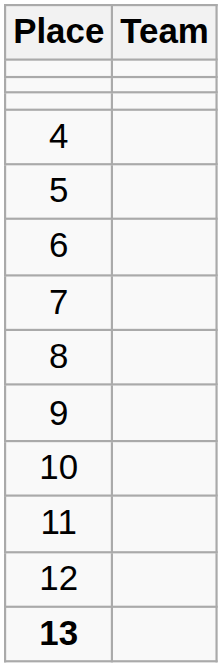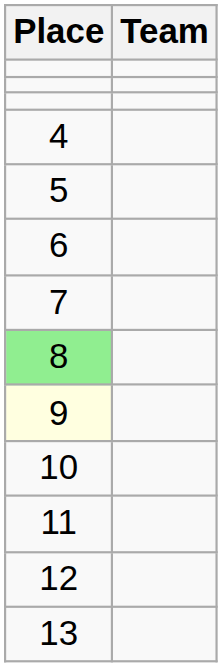 <table class="wikitable">
 <tr>
 <th>Place</th>
 <th>Team</th>
 </tr>
 <tr>
 <td align=center></td>
 <td></td>
 </tr>
 <tr>
 <td align=center></td>
 <td></td>
 </tr>
 <tr>
 <td align=center></td>
 <td></td>
 </tr>
 <tr>
 <td align=center>4</td>
 <td></td>
 </tr>
 <tr>
 <td align=center>5</td>
 <td></td>
 </tr>
 <tr>
 <td align=center>6</td>
 <td></td>
 </tr>
 <tr>
 <td align=center>7</td>
 <td></td>
 </tr>
 <tr>
-<td align=center>8</td>
+<td align=center style="background: lightgreen;">8</td>
 <td></td>
 </tr>
 <tr>
-<td align=center>9</td>
+<td align=center style="background: lightyellow;">9</td>
 <td></td>
 </tr>
 <tr>
 <td align=center>10</td>
 <td></td>
 </tr>
 <tr>
 <td align=center>11</td>
 <td></td>
 </tr>
 <tr>
 <td align=center>12</td>
 <td></td>
 </tr>
 <tr>
-<td align=center><strong>13</strong></td>
+<td align=center>13</td>
 <td></td>
 </tr>
 </table>
